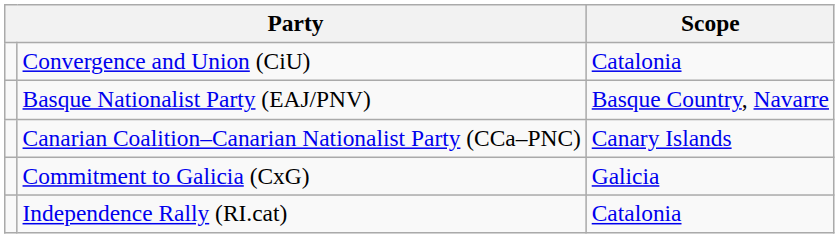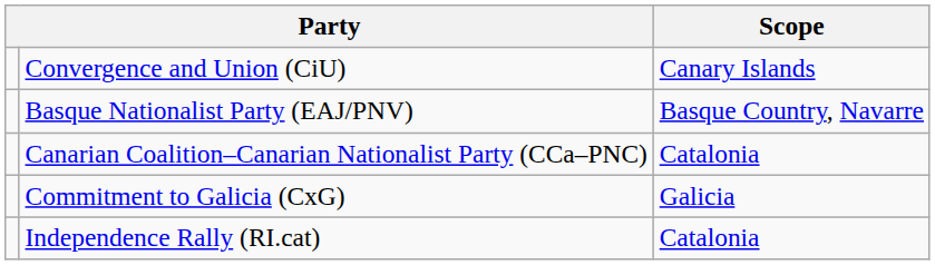 <table class="wikitable" style="text-align:left; font-size:97%;">
 <tr>
 <th colspan="2">Party</th>
 <th>Scope</th>
 </tr>
 <tr>
 <td width="1"></td>
 <td><a href='#'>Convergence and Union</a> (CiU)</td>
-<td><a href='#'>Catalonia</a></td>
+<td><a href='#'>Canary Islands</a></td>
 </tr>
 <tr>
 <td></td>
 <td><a href='#'>Basque Nationalist Party</a> (EAJ/PNV)</td>
 <td><a href='#'>Basque Country</a>, <a href='#'>Navarre</a></td>
 </tr>
 <tr>
 <td></td>
 <td><a href='#'>Canarian Coalition–Canarian Nationalist Party</a> (CCa–PNC)</td>
-<td><a href='#'>Canary Islands</a></td>
+<td><a href='#'>Catalonia</a></td>
 </tr>
 <tr>
 <td></td>
 <td><a href='#'>Commitment to Galicia</a> (CxG)</td>
 <td><a href='#'>Galicia</a></td>
 </tr>
 <tr>
 <td></td>
 <td><a href='#'>Independence Rally</a> (RI.cat)</td>
 <td><a href='#'>Catalonia</a></td>
 </tr>
 </table>
